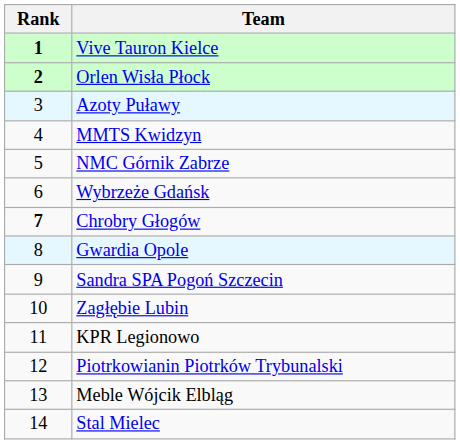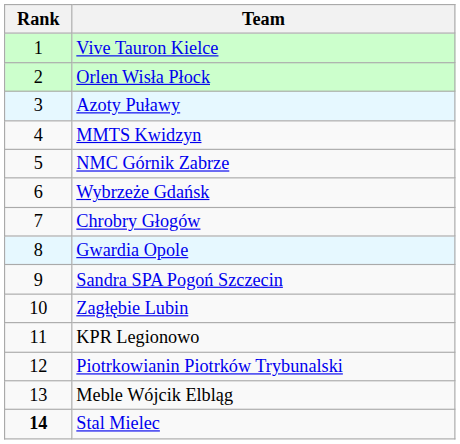 <table class="wikitable" style="white-space: nowrap; width:25%">
 <tr>
 <th width=15%>Rank</th>
 <th>Team</th>
 </tr>
 <tr bgcolor=#CCFFCC>
-<td style="text-align:center;"><strong>1</strong></td>
+<td style="text-align:center;">1</td>
 <td><a href='#'>Vive Tauron Kielce</a></td>
 </tr>
 <tr bgcolor=#CCFFCC>
-<td style="text-align:center;"><strong>2</strong></td>
+<td style="text-align:center;">2</td>
 <td><a href='#'>Orlen Wisła Płock</a></td>
 </tr>
 <tr bgcolor=#E6F8FF>
 <td style="text-align:center;">3</td>
 <td><a href='#'>Azoty Puławy</a></td>
 </tr>
 <tr>
 <td style="text-align:center;">4</td>
 <td><a href='#'>MMTS Kwidzyn</a></td>
 </tr>
 <tr>
 <td style="text-align:center;">5</td>
 <td><a href='#'>NMC Górnik Zabrze</a></td>
 </tr>
 <tr>
 <td style="text-align:center;">6</td>
 <td><a href='#'>Wybrzeże Gdańsk</a></td>
 </tr>
 <tr>
-<td style="text-align:center;"><strong>7</strong></td>
+<td style="text-align:center;">7</td>
 <td><a href='#'>Chrobry Głogów</a></td>
 </tr>
 <tr bgcolor=#E6F8FF>
 <td style="text-align:center;">8</td>
 <td><a href='#'>Gwardia Opole</a></td>
 </tr>
 <tr>
 <td style="text-align:center;">9</td>
 <td><a href='#'>Sandra SPA Pogoń Szczecin</a></td>
 </tr>
 <tr>
 <td style="text-align:center;">10</td>
 <td><a href='#'>Zagłębie Lubin</a></td>
 </tr>
 <tr>
 <td style="text-align:center;">11</td>
 <td>KPR Legionowo</td>
 </tr>
 <tr>
 <td style="text-align:center;">12</td>
 <td><a href='#'>Piotrkowianin Piotrków Trybunalski</a></td>
 </tr>
 <tr>
 <td style="text-align:center;">13</td>
 <td>Meble Wójcik Elbląg</td>
 </tr>
 <tr>
-<td style="text-align:center;">14</td>
+<td style="text-align:center;"><strong>14</strong></td>
 <td><a href='#'>Stal Mielec</a></td>
 </tr>
 </table>
